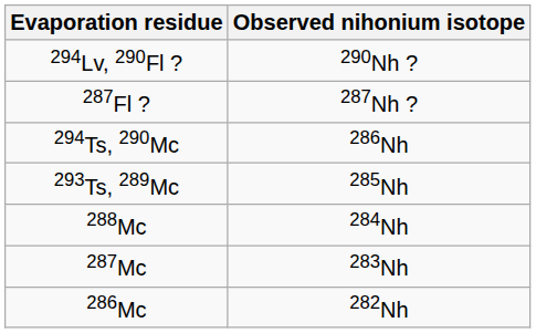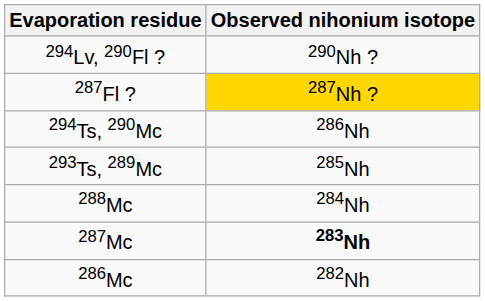 <table class="wikitable" style="text-align:center">
 <tr>
 <th>Evaporation residue</th>
 <th>Observed nihonium isotope</th>
 </tr>
 <tr>
 <td><sup>294</sup>Lv, <sup>290</sup>Fl ?</td>
 <td><sup>290</sup>Nh ?</td>
 </tr>
 <tr>
 <td><sup>287</sup>Fl ?</td>
-<td><sup>287</sup>Nh ?</td>
+<td style="background: gold;"><sup>287</sup>Nh ?</td>
 </tr>
 <tr>
 <td><sup>294</sup>Ts, <sup>290</sup>Mc</td>
 <td><sup>286</sup>Nh</td>
 </tr>
 <tr>
 <td><sup>293</sup>Ts, <sup>289</sup>Mc</td>
 <td><sup>285</sup>Nh</td>
 </tr>
 <tr>
 <td><sup>288</sup>Mc</td>
 <td><sup>284</sup>Nh</td>
 </tr>
 <tr>
 <td><sup>287</sup>Mc</td>
-<td><sup>283</sup>Nh</td>
+<td><strong><sup>283</sup>Nh</strong></td>
 </tr>
 <tr>
 <td><sup>286</sup>Mc</td>
 <td><sup>282</sup>Nh</td>
 </tr>
 </table>
